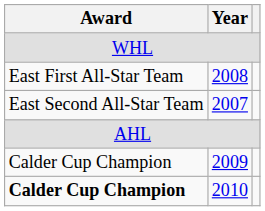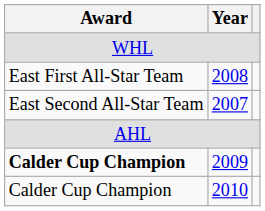 <table class="wikitable">
 <tr>
 <th>Award</th>
 <th>Year</th>
 <th></th>
 </tr>
 <tr ALIGN="center" bgcolor="#e0e0e0">
 <td colspan="3"><a href='#'>WHL</a></td>
 </tr>
 <tr>
 <td>East First All-Star Team</td>
 <td><a href='#'>2008</a></td>
 <td></td>
 </tr>
 <tr>
 <td>East Second All-Star Team</td>
 <td><a href='#'>2007</a></td>
 <td></td>
 </tr>
 <tr ALIGN="center" bgcolor="#e0e0e0">
 <td colspan="3"><a href='#'>AHL</a></td>
 </tr>
 <tr>
-<td>Calder Cup Champion</td>
+<td><strong>Calder Cup Champion</strong></td>
 <td><a href='#'>2009</a></td>
 <td></td>
 </tr>
 <tr>
-<td><strong>Calder Cup Champion</strong></td>
+<td>Calder Cup Champion</td>
 <td><a href='#'>2010</a></td>
 <td></td>
 </tr>
 </table>
